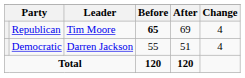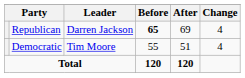 <table class="wikitable" style="text-align:center;">
 <tr>
 </tr>
 <tr>
 <th colspan=2>Party</th>
 <th>Leader</th>
 <th>Before</th>
 <th>After</th>
 <th>Change</th>
 </tr>
 <tr>
 <th style="background-color:"></th>
 <td style="text-align:left;"><a href='#'>Republican</a></td>
-<td style="text-align:left;"><a href='#'>Tim Moore</a></td>
+<td style="text-align:left;"><a href='#'>Darren Jackson</a></td>
 <td><strong>65</strong></td>
 <td>69</td>
 <td> 4</td>
 </tr>
 <tr>
 <th style="background-color:"></th>
 <td style="text-align:left;"><a href='#'>Democratic</a></td>
-<td style="text-align:left;"><a href='#'>Darren Jackson</a></td>
+<td style="text-align:left;"><a href='#'>Tim Moore</a></td>
 <td>55</td>
 <td>51</td>
 <td> 4</td>
 </tr>
 <tr>
 <td colspan=3><strong>Total</strong></td>
 <td><strong>120</strong></td>
 <td><strong>120</strong></td>
 <td></td>
 </tr>
 </table>
